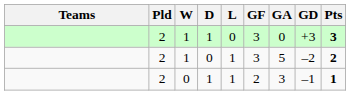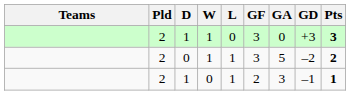 <table class="wikitable" style="text-align: center;">
 <tr>
 <th width=165>Teams</th>
 <th width=20>Pld</th>
+<th width=20>D</th>
 <th width=20>W</th>
-<th width=20>D</th>
 <th width=20>L</th>
 <th width=20>GF</th>
 <th width=20>GA</th>
 <th width=20>GD</th>
 <th width=20>Pts</th>
 </tr>
 <tr align=center style="background:#ccffcc;">
 <td style="text-align:left;"></td>
 <td>2</td>
 <td>1</td>
 <td>1</td>
 <td>0</td>
 <td>3</td>
 <td>0</td>
 <td>+3</td>
 <td><strong>3</strong></td>
 </tr>
 <tr align=center>
 <td style="text-align:left;"></td>
 <td>2</td>
+<td>0</td>
 <td>1</td>
-<td>0</td>
 <td>1</td>
 <td>3</td>
 <td>5</td>
 <td>–2</td>
 <td><strong>2</strong></td>
 </tr>
 <tr align=center>
 <td style="text-align:left;"></td>
 <td>2</td>
+<td>1</td>
 <td>0</td>
-<td>1</td>
 <td>1</td>
 <td>2</td>
 <td>3</td>
 <td>–1</td>
 <td><strong>1</strong></td>
 </tr>
 </table>
